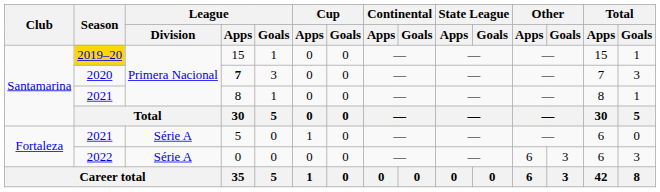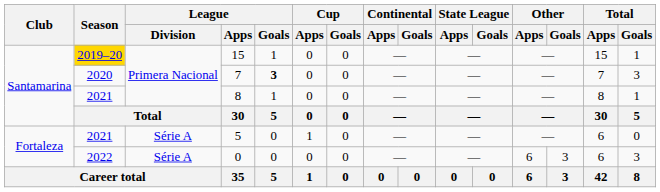 <table class="wikitable" style="text-align:center">
 <tr>
 <th rowspan="2">Club</th>
 <th rowspan="2">Season</th>
 <th colspan="3">League</th>
 <th colspan="2">Cup</th>
 <th colspan="2">Continental</th>
 <th colspan="2">State League</th>
 <th colspan="2">Other</th>
 <th colspan="2">Total</th>
 </tr>
 <tr>
 <th>Division</th>
 <th>Apps</th>
 <th>Goals</th>
 <th>Apps</th>
 <th>Goals</th>
 <th>Apps</th>
 <th>Goals</th>
 <th>Apps</th>
 <th>Goals</th>
 <th>Apps</th>
 <th>Goals</th>
 <th>Apps</th>
 <th>Goals</th>
 </tr>
 <tr>
 <td rowspan="4"><a href='#'>Santamarina</a></td>
 <td style="background: gold;"><a href='#'>2019–20</a></td>
 <td rowspan="3"><a href='#'>Primera Nacional</a></td>
 <td>15</td>
 <td>1</td>
 <td>0</td>
 <td>0</td>
 <td colspan="2">—</td>
 <td colspan="2">—</td>
 <td colspan="2">—</td>
 <td>15</td>
 <td>1</td>
 </tr>
 <tr>
 <td><a href='#'>2020</a></td>
-<td><strong>7</strong></td>
-<td>3</td>
+<td>7</td>
+<td><strong>3</strong></td>
 <td>0</td>
 <td>0</td>
 <td colspan="2">—</td>
 <td colspan="2">—</td>
 <td colspan="2">—</td>
 <td>7</td>
 <td>3</td>
 </tr>
 <tr>
 <td><a href='#'>2021</a></td>
 <td>8</td>
 <td>1</td>
 <td>0</td>
 <td>0</td>
 <td colspan="2">—</td>
 <td colspan="2">—</td>
 <td colspan="2">—</td>
 <td>8</td>
 <td>1</td>
 </tr>
 <tr>
 <th colspan="2">Total</th>
 <th>30</th>
 <th>5</th>
 <th>0</th>
 <th>0</th>
 <th colspan="2">—</th>
 <th colspan="2">—</th>
 <th colspan="2">—</th>
 <th>30</th>
 <th>5</th>
 </tr>
 <tr>
 <td rowspan="2"><a href='#'>Fortaleza</a></td>
 <td><a href='#'>2021</a></td>
 <td><a href='#'>Série A</a></td>
 <td>5</td>
 <td>0</td>
 <td>1</td>
 <td>0</td>
 <td colspan="2">—</td>
 <td colspan="2">—</td>
 <td colspan="2">—</td>
 <td>6</td>
 <td>0</td>
 </tr>
 <tr>
 <td><a href='#'>2022</a></td>
 <td><a href='#'>Série A</a></td>
 <td>0</td>
 <td>0</td>
 <td>0</td>
 <td>0</td>
 <td colspan="2">—</td>
 <td colspan="2">—</td>
 <td>6</td>
 <td>3</td>
 <td>6</td>
 <td>3</td>
 </tr>
 <tr>
 <th colspan="3">Career total</th>
 <th>35</th>
 <th>5</th>
 <th>1</th>
 <th>0</th>
 <th>0</th>
 <th>0</th>
 <th>0</th>
 <th>0</th>
 <th>6</th>
 <th>3</th>
 <th>42</th>
 <th>8</th>
 </tr>
 </table>
